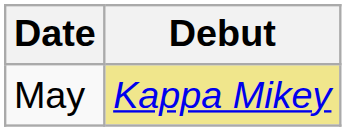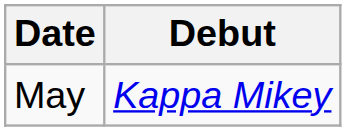 <table class="wikitable">
 <tr>
 <th>Date</th>
 <th>Debut</th>
 </tr>
 <tr>
 <td>May</td>
-<td style="background: khaki;"><em><a href='#'>Kappa Mikey</a></em></td>
+<td><em><a href='#'>Kappa Mikey</a></em></td>
 </tr>
 </table>
